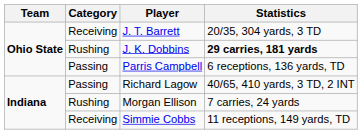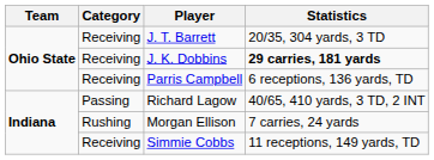 <table class="wikitable" style="float: right;">
 <tr>
 <th>Team</th>
 <th>Category</th>
 <th>Player</th>
 <th>Statistics</th>
 </tr>
 <tr>
 <td rowspan=3><strong>Ohio State</strong></td>
 <td>Receiving</td>
 <td><a href='#'>J. T. Barrett</a></td>
 <td>20/35, 304 yards, 3 TD</td>
 </tr>
 <tr>
-<td>Rushing</td>
+<td>Receiving</td>
 <td><a href='#'>J. K. Dobbins</a></td>
 <td><strong>29 carries, 181 yards</strong></td>
 </tr>
 <tr>
-<td>Passing</td>
+<td>Receiving</td>
 <td><a href='#'>Parris Campbell</a></td>
 <td>6 receptions, 136 yards, TD</td>
 </tr>
 <tr>
 <td rowspan=3><strong>Indiana</strong></td>
 <td>Passing</td>
 <td>Richard Lagow</td>
 <td>40/65, 410 yards, 3 TD, 2 INT</td>
 </tr>
 <tr>
 <td>Rushing</td>
 <td>Morgan Ellison</td>
 <td>7 carries, 24 yards</td>
 </tr>
 <tr>
 <td>Receiving</td>
 <td><a href='#'>Simmie Cobbs</a></td>
 <td>11 receptions, 149 yards, TD</td>
 </tr>
 </table>
